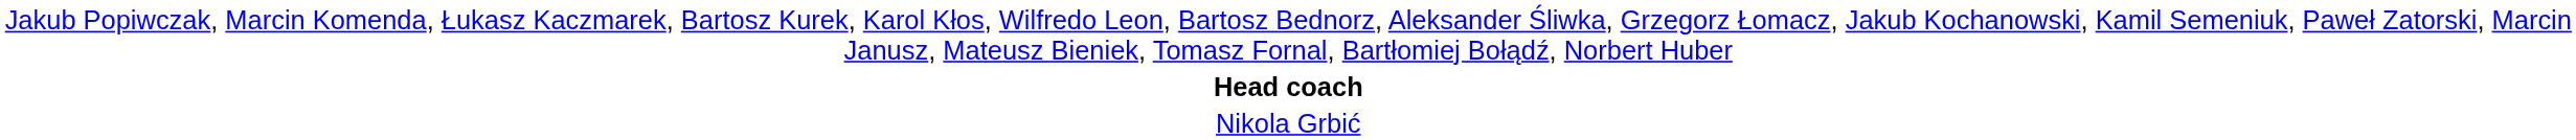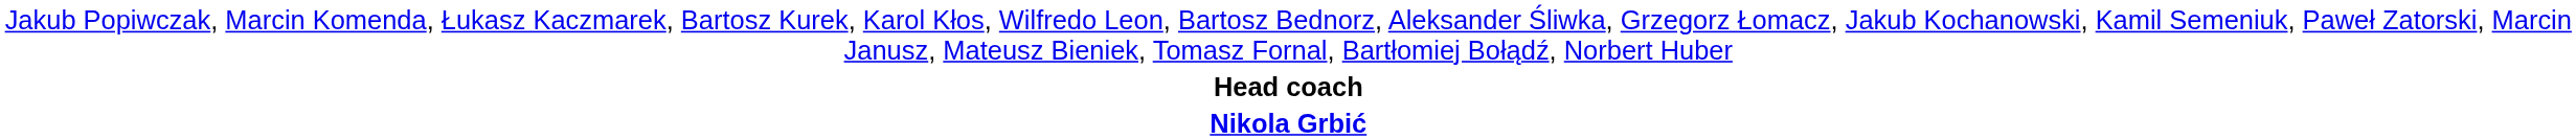 <table style="text-align: center; margin-top: 2em; margin-left: a8uto; margin-right: auto">
 <tr>
 <td><a href='#'>Jakub Popiwczak</a>, <a href='#'>Marcin Komenda</a>, <a href='#'>Łukasz Kaczmarek</a>, <a href='#'>Bartosz Kurek</a>, <a href='#'>Karol Kłos</a>, <a href='#'>Wilfredo Leon</a>, <a href='#'>Bartosz Bednorz</a>, <a href='#'>Aleksander Śliwka</a>, <a href='#'>Grzegorz Łomacz</a>, <a href='#'>Jakub Kochanowski</a>, <a href='#'>Kamil Semeniuk</a>, <a href='#'>Paweł Zatorski</a>, <a href='#'>Marcin Janusz</a>, <a href='#'>Mateusz Bieniek</a>, <a href='#'>Tomasz Fornal</a>, <a href='#'>Bartłomiej Bołądź</a>, <a href='#'>Norbert Huber</a></td>
 </tr>
 <tr>
 <td><strong>Head coach</strong></td>
 </tr>
 <tr>
-<td><a href='#'>Nikola Grbić</a></td>
+<td><strong><a href='#'>Nikola Grbić</a></strong></td>
 </tr>
 </table>
